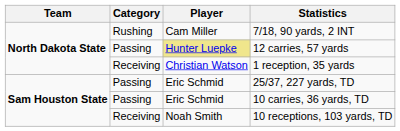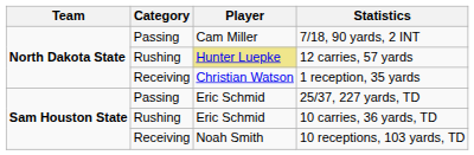 <table class="wikitable" style="float: right;">
 <tr>
 <th>Team</th>
 <th>Category</th>
 <th>Player</th>
 <th>Statistics</th>
 </tr>
 <tr>
 <td rowspan=3><strong>North Dakota State</strong></td>
-<td>Rushing</td>
+<td>Passing</td>
 <td>Cam Miller</td>
 <td>7/18, 90 yards, 2 INT</td>
 </tr>
 <tr>
-<td>Passing</td>
+<td>Rushing</td>
 <td style="background: khaki;"><a href='#'>Hunter Luepke</a></td>
 <td>12 carries, 57 yards</td>
 </tr>
 <tr>
 <td>Receiving</td>
 <td><a href='#'>Christian Watson</a></td>
 <td>1 reception, 35 yards</td>
 </tr>
 <tr>
 <td rowspan=3><strong>Sam Houston State</strong></td>
 <td>Passing</td>
 <td>Eric Schmid</td>
 <td>25/37, 227 yards, TD</td>
 </tr>
 <tr>
-<td>Passing</td>
+<td>Rushing</td>
 <td>Eric Schmid</td>
 <td>10 carries, 36 yards, TD</td>
 </tr>
 <tr>
 <td>Receiving</td>
 <td>Noah Smith</td>
 <td>10 receptions, 103 yards, TD</td>
 </tr>
 </table>
